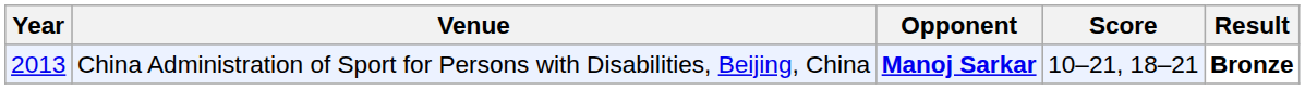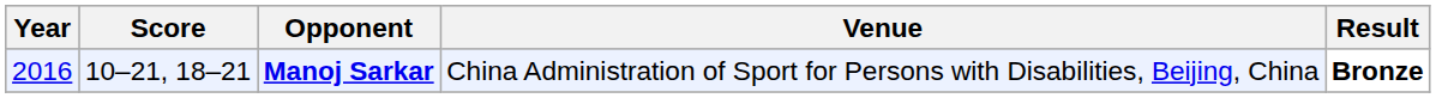 <table class="sortable wikitable" style="font-size: 90%;">
 <tr>
 <th>Year</th>
+<th>Score</th>
+<th>Opponent</th>
 <th>Venue</th>
-<th>Opponent</th>
-<th>Score</th>
 <th>Result</th>
 </tr>
 <tr style="background:#ECF2FF">
-<td align="center"><a href='#'>2013</a></td>
+<td align="center"><a href='#'>2016</a></td>
+<td align="left">10–21, 18–21</td>
+<td align="left"><strong> <a href='#'>Manoj Sarkar</a></strong></td>
 <td align="left">China Administration of Sport for Persons with Disabilities, <a href='#'>Beijing</a>, China</td>
-<td align="left"><strong> <a href='#'>Manoj Sarkar</a></strong></td>
-<td align="left">10–21, 18–21</td>
 <td style="text-align:left; background:white"> <strong>Bronze</strong></td>
 </tr>
 </table>
